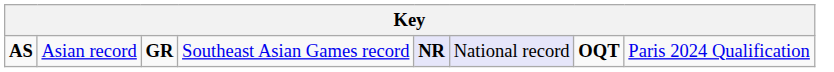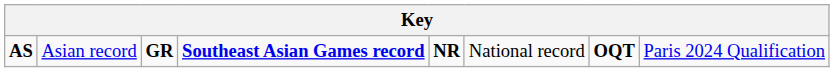 <table class="wikitable" style="font-size:90%; position:relative;">
 <tr>
 <th colspan=10>Key</th>
 </tr>
 <tr>
 <td align=center><strong>AS</strong></td>
 <td><a href='#'>Asian record</a></td>
 <td align=center><strong>GR</strong></td>
-<td><a href='#'>Southeast Asian Games record</a></td>
-<td align=center style="background: lavender;"><strong>NR</strong></td>
-<td style="background: lavender;">National record</td>
+<td><strong><a href='#'>Southeast Asian Games record</a></strong></td>
+<td align=center><strong>NR</strong></td>
+<td>National record</td>
 <td align=center><strong>OQT</strong></td>
 <td><a href='#'>Paris 2024 Qualification</a></td>
 </tr>
 </table>
